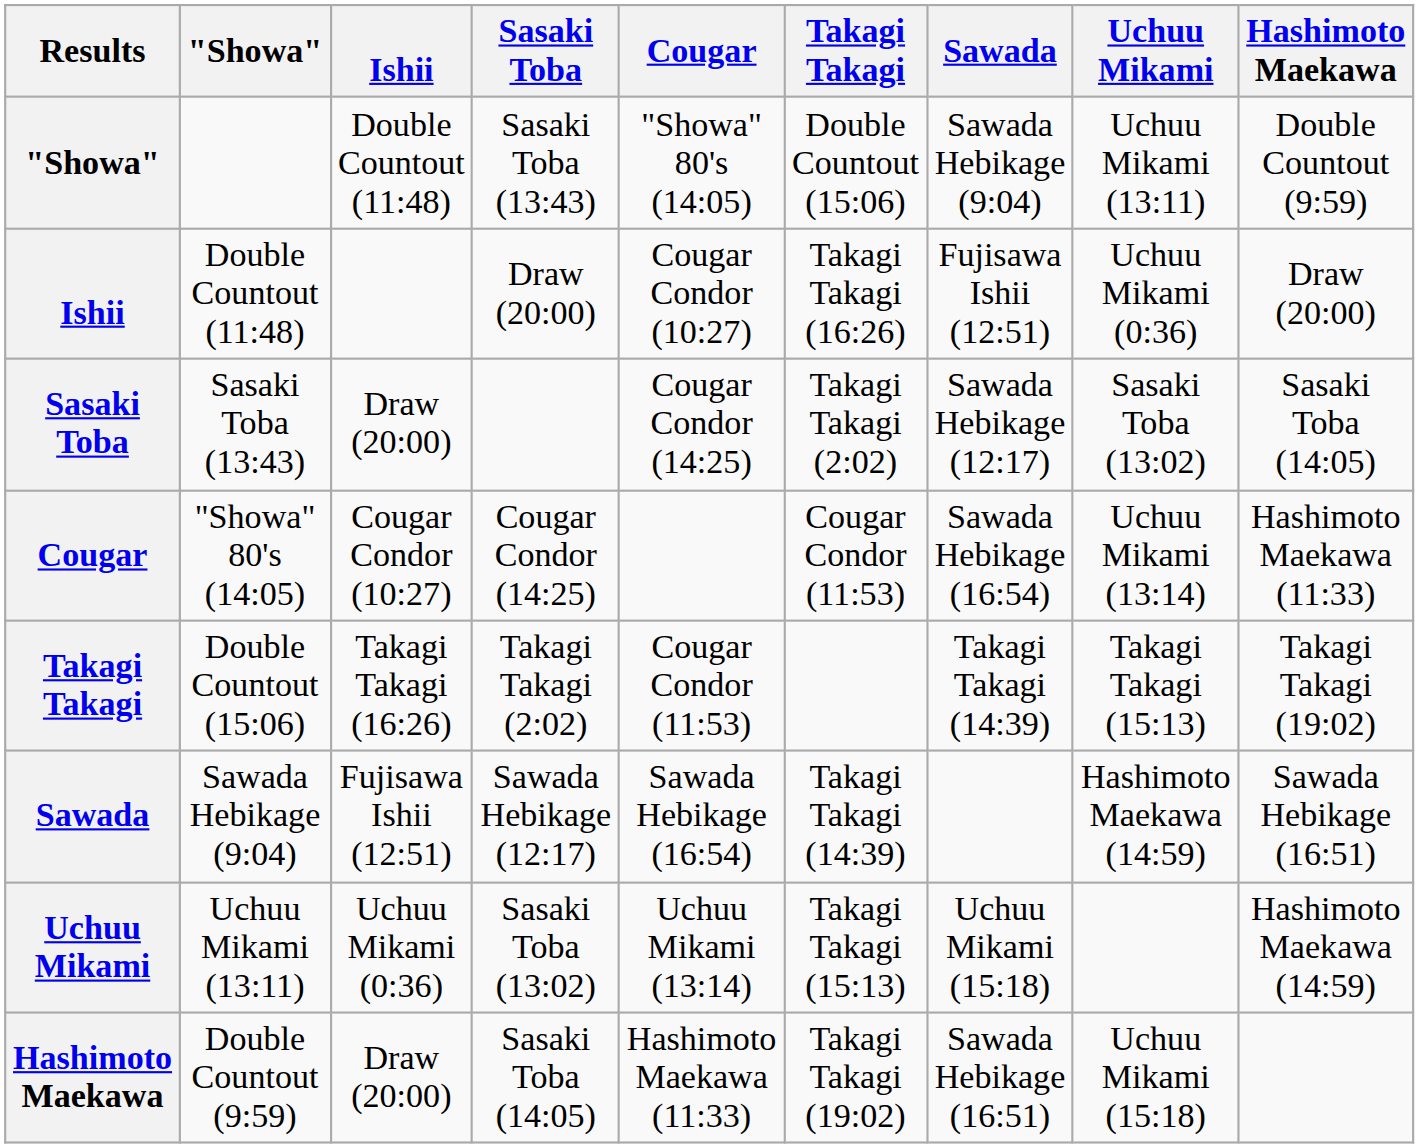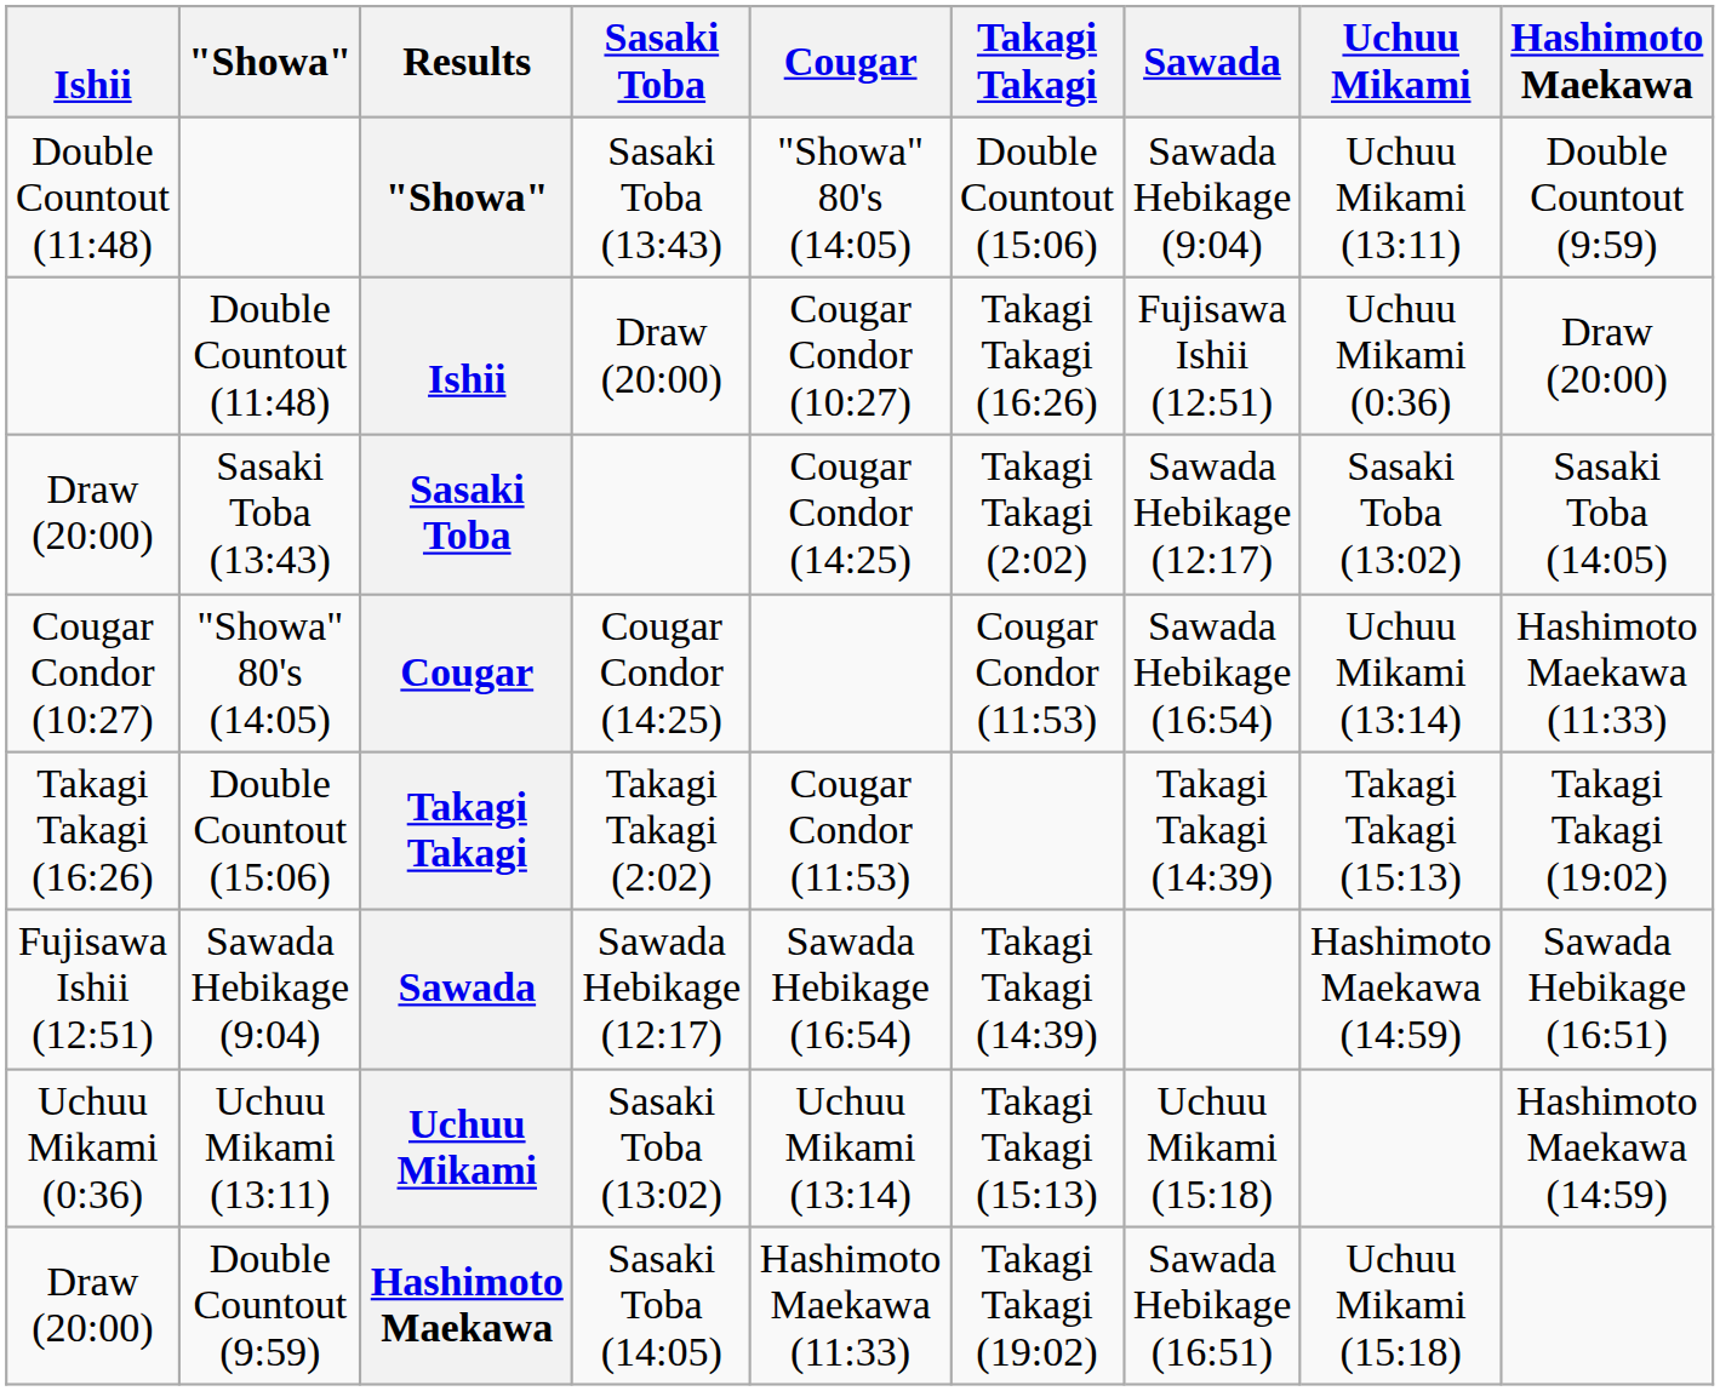 <table class="wikitable" style="text-align:center; margin: 1em auto 1em auto">
 <tr align="center">
+<th><br><a href='#'>Ishii</a></th>
+<th>"Showa"<br></th>
 <th>Results</th>
-<th>"Showa"<br></th>
-<th><br><a href='#'>Ishii</a></th>
 <th><a href='#'>Sasaki</a><br><a href='#'>Toba</a></th>
 <th><a href='#'>Cougar</a><br></th>
 <th><a href='#'>Takagi</a><br><a href='#'>Takagi</a></th>
 <th><a href='#'>Sawada</a><br></th>
 <th><a href='#'>Uchuu</a><br><a href='#'>Mikami</a></th>
 <th><a href='#'>Hashimoto</a><br>Maekawa</th>
 </tr>
 <tr align="center">
+<td>Double<br>Countout<br>(11:48)</td>
+<td></td>
 <th>"Showa"<br></th>
-<td></td>
-<td>Double<br>Countout<br>(11:48)</td>
 <td>Sasaki<br>Toba<br>(13:43)</td>
 <td>"Showa"<br>80's<br>(14:05)</td>
 <td>Double<br>Countout<br>(15:06)</td>
 <td>Sawada<br>Hebikage<br>(9:04)</td>
 <td>Uchuu<br>Mikami<br>(13:11)</td>
 <td>Double<br>Countout<br>(9:59)</td>
 </tr>
 <tr align="center">
+<td></td>
+<td>Double<br>Countout<br>(11:48)</td>
 <th><br><a href='#'>Ishii</a></th>
-<td>Double<br>Countout<br>(11:48)</td>
-<td></td>
 <td>Draw<br>(20:00)</td>
 <td>Cougar<br>Condor<br>(10:27)</td>
 <td>Takagi<br>Takagi<br>(16:26)</td>
 <td>Fujisawa<br>Ishii<br>(12:51)</td>
 <td>Uchuu<br>Mikami<br>(0:36)</td>
 <td>Draw<br>(20:00)</td>
 </tr>
 <tr align="center">
+<td>Draw<br>(20:00)</td>
+<td>Sasaki<br>Toba<br>(13:43)</td>
 <th><a href='#'>Sasaki</a><br><a href='#'>Toba</a></th>
-<td>Sasaki<br>Toba<br>(13:43)</td>
-<td>Draw<br>(20:00)</td>
 <td></td>
 <td>Cougar<br>Condor<br>(14:25)</td>
 <td>Takagi<br>Takagi<br>(2:02)</td>
 <td>Sawada<br>Hebikage<br>(12:17)</td>
 <td>Sasaki<br>Toba<br>(13:02)</td>
 <td>Sasaki<br>Toba<br>(14:05)</td>
 </tr>
 <tr align="center">
+<td>Cougar<br>Condor<br>(10:27)</td>
+<td>"Showa"<br>80's<br>(14:05)</td>
 <th><a href='#'>Cougar</a><br></th>
-<td>"Showa"<br>80's<br>(14:05)</td>
-<td>Cougar<br>Condor<br>(10:27)</td>
 <td>Cougar<br>Condor<br>(14:25)</td>
 <td></td>
 <td>Cougar<br>Condor<br>(11:53)</td>
 <td>Sawada<br>Hebikage<br>(16:54)</td>
 <td>Uchuu<br>Mikami<br>(13:14)</td>
 <td>Hashimoto<br>Maekawa<br>(11:33)</td>
 </tr>
 <tr align="center">
+<td>Takagi<br>Takagi<br>(16:26)</td>
+<td>Double<br>Countout<br>(15:06)</td>
 <th><a href='#'>Takagi</a><br><a href='#'>Takagi</a></th>
-<td>Double<br>Countout<br>(15:06)</td>
-<td>Takagi<br>Takagi<br>(16:26)</td>
 <td>Takagi<br>Takagi<br>(2:02)</td>
 <td>Cougar<br>Condor<br>(11:53)</td>
 <td></td>
 <td>Takagi<br>Takagi<br>(14:39)</td>
 <td>Takagi<br>Takagi<br>(15:13)</td>
 <td>Takagi<br>Takagi<br>(19:02)</td>
 </tr>
 <tr align="center">
+<td>Fujisawa<br>Ishii<br>(12:51)</td>
+<td>Sawada<br>Hebikage<br>(9:04)</td>
 <th><a href='#'>Sawada</a><br></th>
-<td>Sawada<br>Hebikage<br>(9:04)</td>
-<td>Fujisawa<br>Ishii<br>(12:51)</td>
 <td>Sawada<br>Hebikage<br>(12:17)</td>
 <td>Sawada<br>Hebikage<br>(16:54)</td>
 <td>Takagi<br>Takagi<br>(14:39)</td>
 <td></td>
 <td>Hashimoto<br>Maekawa<br>(14:59)</td>
 <td>Sawada<br>Hebikage<br>(16:51)</td>
 </tr>
 <tr align="center">
+<td>Uchuu<br>Mikami<br>(0:36)</td>
+<td>Uchuu<br>Mikami<br>(13:11)</td>
 <th><a href='#'>Uchuu</a><br><a href='#'>Mikami</a></th>
-<td>Uchuu<br>Mikami<br>(13:11)</td>
-<td>Uchuu<br>Mikami<br>(0:36)</td>
 <td>Sasaki<br>Toba<br>(13:02)</td>
 <td>Uchuu<br>Mikami<br>(13:14)</td>
 <td>Takagi<br>Takagi<br>(15:13)</td>
 <td>Uchuu<br>Mikami<br>(15:18)</td>
 <td></td>
 <td>Hashimoto<br>Maekawa<br>(14:59)</td>
 </tr>
 <tr align="center">
+<td>Draw<br>(20:00)</td>
+<td>Double<br>Countout<br>(9:59)</td>
 <th><a href='#'>Hashimoto</a><br>Maekawa</th>
-<td>Double<br>Countout<br>(9:59)</td>
-<td>Draw<br>(20:00)</td>
 <td>Sasaki<br>Toba<br>(14:05)</td>
 <td>Hashimoto<br>Maekawa<br>(11:33)</td>
 <td>Takagi<br>Takagi<br>(19:02)</td>
 <td>Sawada<br>Hebikage<br>(16:51)</td>
 <td>Uchuu<br>Mikami<br>(15:18)</td>
 <td></td>
 </tr>
 </table>
